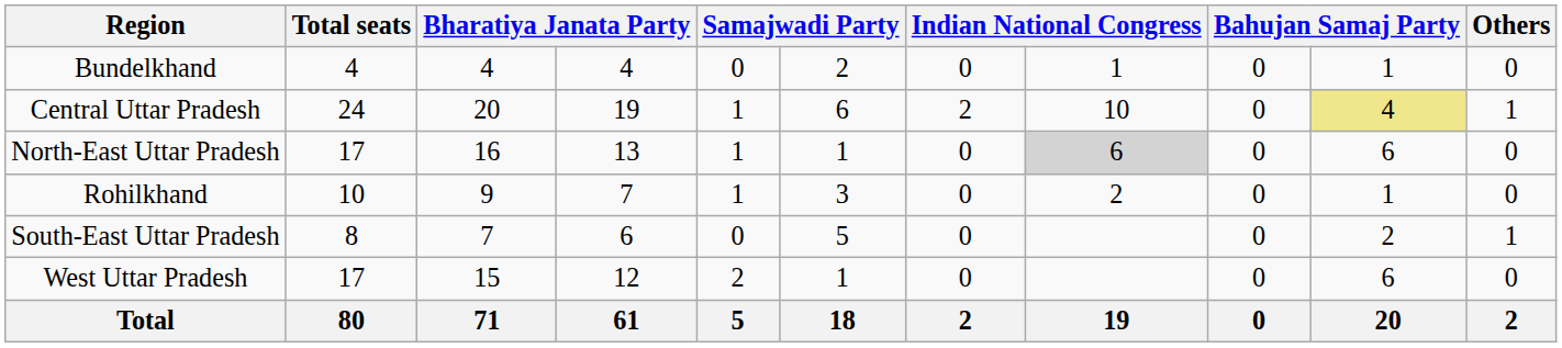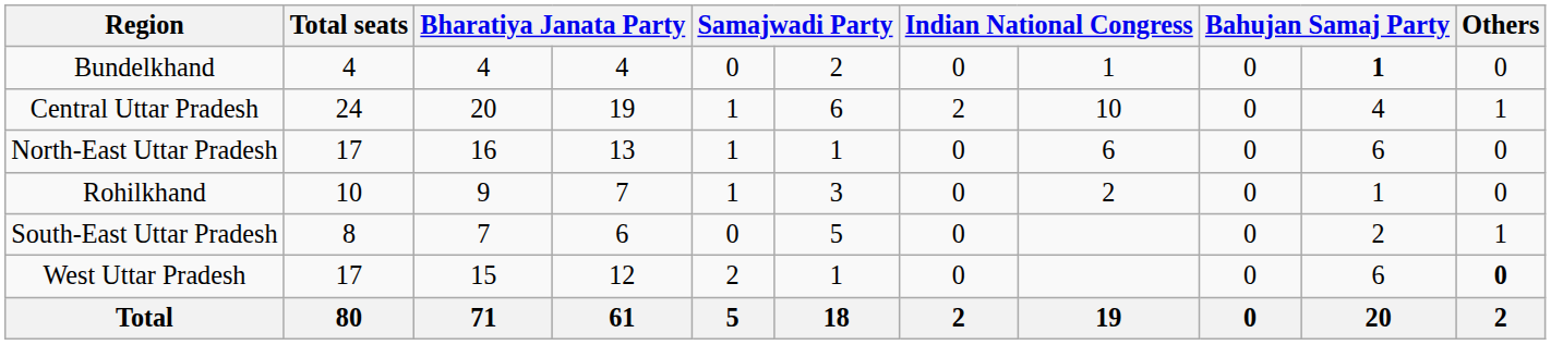 <table class="wikitable sortable" style="text-align:center;">
 <tr>
 <th>Region</th>
 <th>Total seats</th>
 <th colspan="2"><a href='#'>Bharatiya Janata Party</a></th>
 <th colspan="2"><a href='#'>Samajwadi Party</a></th>
 <th colspan="2"><a href='#'>Indian National Congress</a></th>
 <th colspan="2"><a href='#'>Bahujan Samaj Party</a></th>
 <th>Others</th>
 </tr>
 <tr>
 <td>Bundelkhand</td>
 <td>4</td>
 <td>4</td>
 <td>4</td>
 <td>0</td>
 <td>2</td>
 <td>0</td>
 <td>1</td>
 <td>0</td>
-<td>1</td>
+<td><strong>1</strong></td>
 <td>0</td>
 </tr>
 <tr>
 <td>Central Uttar Pradesh</td>
 <td>24</td>
 <td>20</td>
 <td>19</td>
 <td>1</td>
 <td>6</td>
 <td>2</td>
 <td>10</td>
 <td>0</td>
-<td style="background: khaki;">4</td>
+<td>4</td>
 <td>1</td>
 </tr>
 <tr>
 <td>North-East Uttar Pradesh</td>
 <td>17</td>
 <td>16</td>
 <td>13</td>
 <td>1</td>
 <td>1</td>
 <td>0</td>
-<td style="background: lightgrey;">6</td>
+<td>6</td>
 <td>0</td>
 <td>6</td>
 <td>0</td>
 </tr>
 <tr>
 <td>Rohilkhand</td>
 <td>10</td>
 <td>9</td>
 <td>7</td>
 <td>1</td>
 <td>3</td>
 <td>0</td>
 <td>2</td>
 <td>0</td>
 <td>1</td>
 <td>0</td>
 </tr>
 <tr>
 <td>South-East Uttar Pradesh</td>
 <td>8</td>
 <td>7</td>
 <td>6</td>
 <td>0</td>
 <td>5</td>
 <td>0</td>
 <td></td>
 <td>0</td>
 <td>2</td>
 <td>1</td>
 </tr>
 <tr>
 <td>West Uttar Pradesh</td>
 <td>17</td>
 <td>15</td>
 <td>12</td>
 <td>2</td>
 <td>1</td>
 <td>0</td>
 <td></td>
 <td>0</td>
 <td>6</td>
-<td>0</td>
+<td><strong>0</strong></td>
 </tr>
 <tr>
 <th><strong>Total</strong></th>
 <th>80</th>
 <th>71</th>
 <th>61</th>
 <th>5</th>
 <th>18</th>
 <th>2</th>
 <th>19</th>
 <th>0</th>
 <th>20</th>
 <th>2</th>
 </tr>
 </table>
